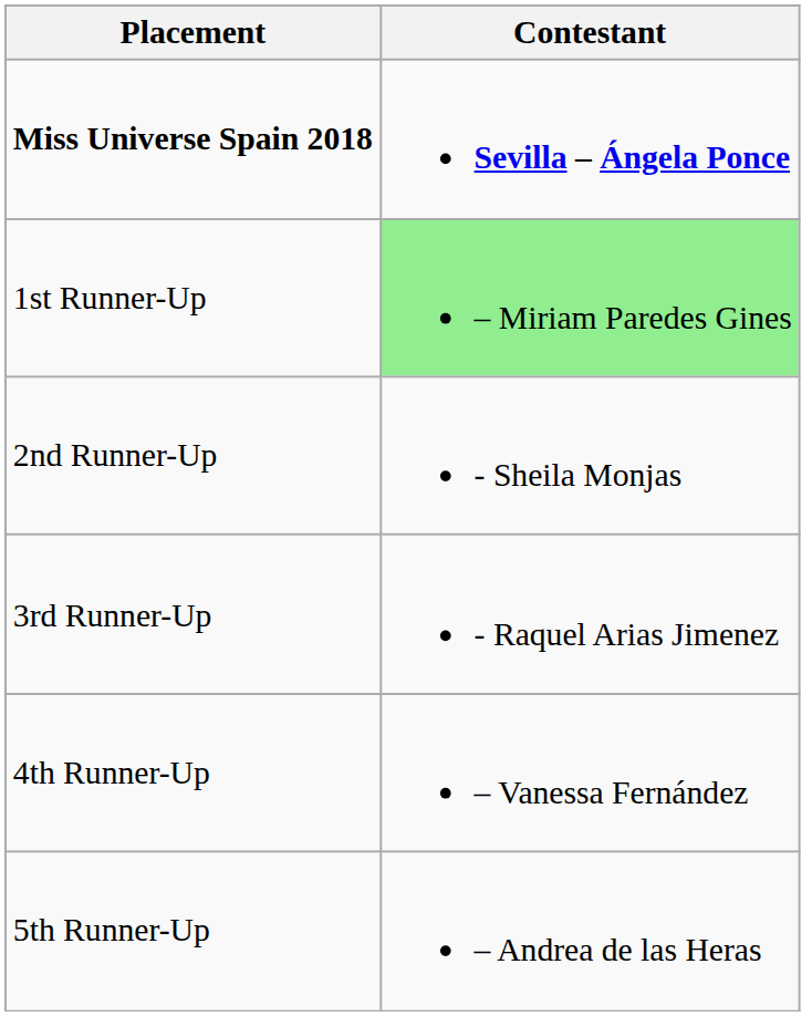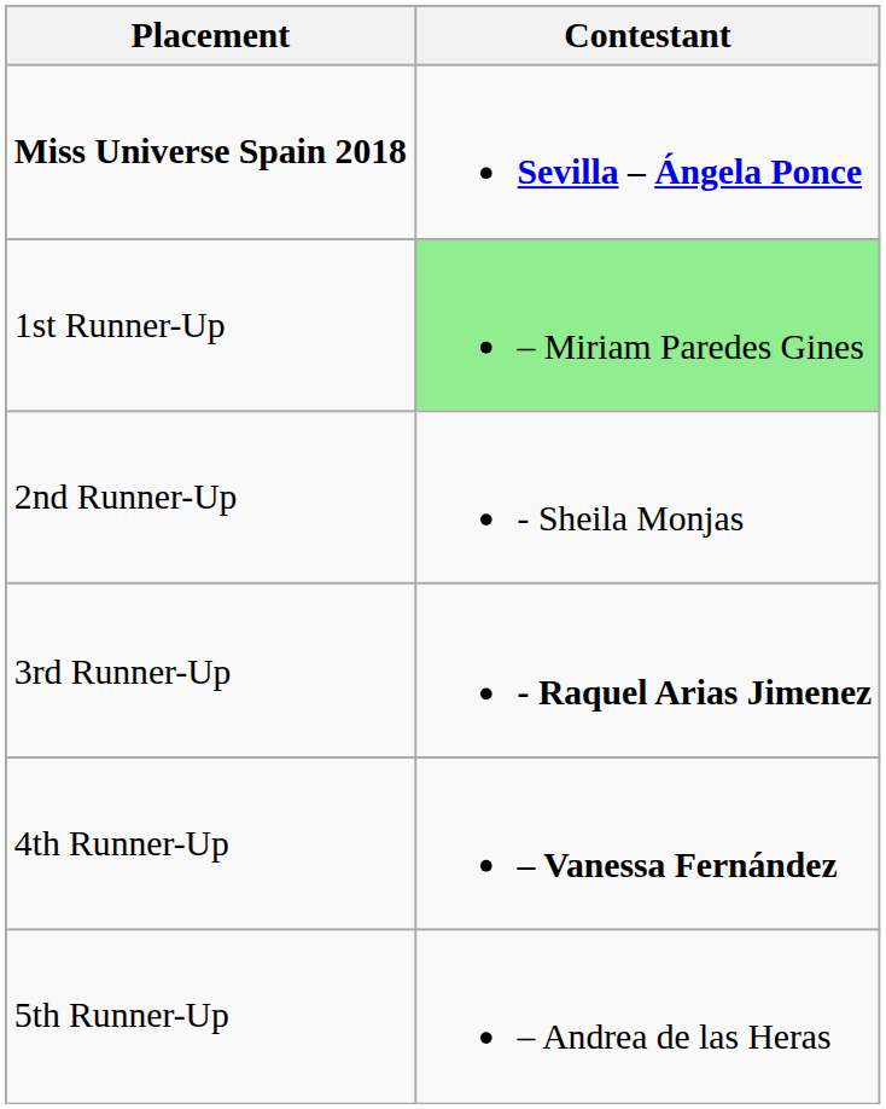 <table class="wikitable sortable" style="font-size: 95%;">
 <tr>
 <th>Placement</th>
 <th>Contestant</th>
 </tr>
 <tr>
 <td><strong>Miss Universe Spain 2018</strong></td>
 <td><br><ul><li><strong> <a href='#'>Sevilla</a> – <a href='#'>Ángela Ponce</a></strong></li></ul></td>
 </tr>
 <tr>
 <td>1st Runner-Up</td>
 <td style="background: lightgreen;"><br><ul><li> – Miriam Paredes Gines</li></ul></td>
 </tr>
 <tr>
 <td>2nd Runner-Up</td>
 <td><br><ul><li> - Sheila Monjas</li></ul></td>
 </tr>
 <tr>
 <td>3rd Runner-Up</td>
-<td><br><ul><li> - Raquel Arias Jimenez</li></ul></td>
+<td><strong><br><ul><li> - Raquel Arias Jimenez</li></ul></strong></td>
 </tr>
 <tr>
 <td>4th Runner-Up</td>
-<td><br><ul><li> – Vanessa Fernández</li></ul></td>
+<td><strong><br><ul><li> – Vanessa Fernández</li></ul></strong></td>
 </tr>
 <tr>
 <td>5th Runner-Up</td>
 <td><br><ul><li> – Andrea de las Heras</li></ul></td>
 </tr>
 </table>
